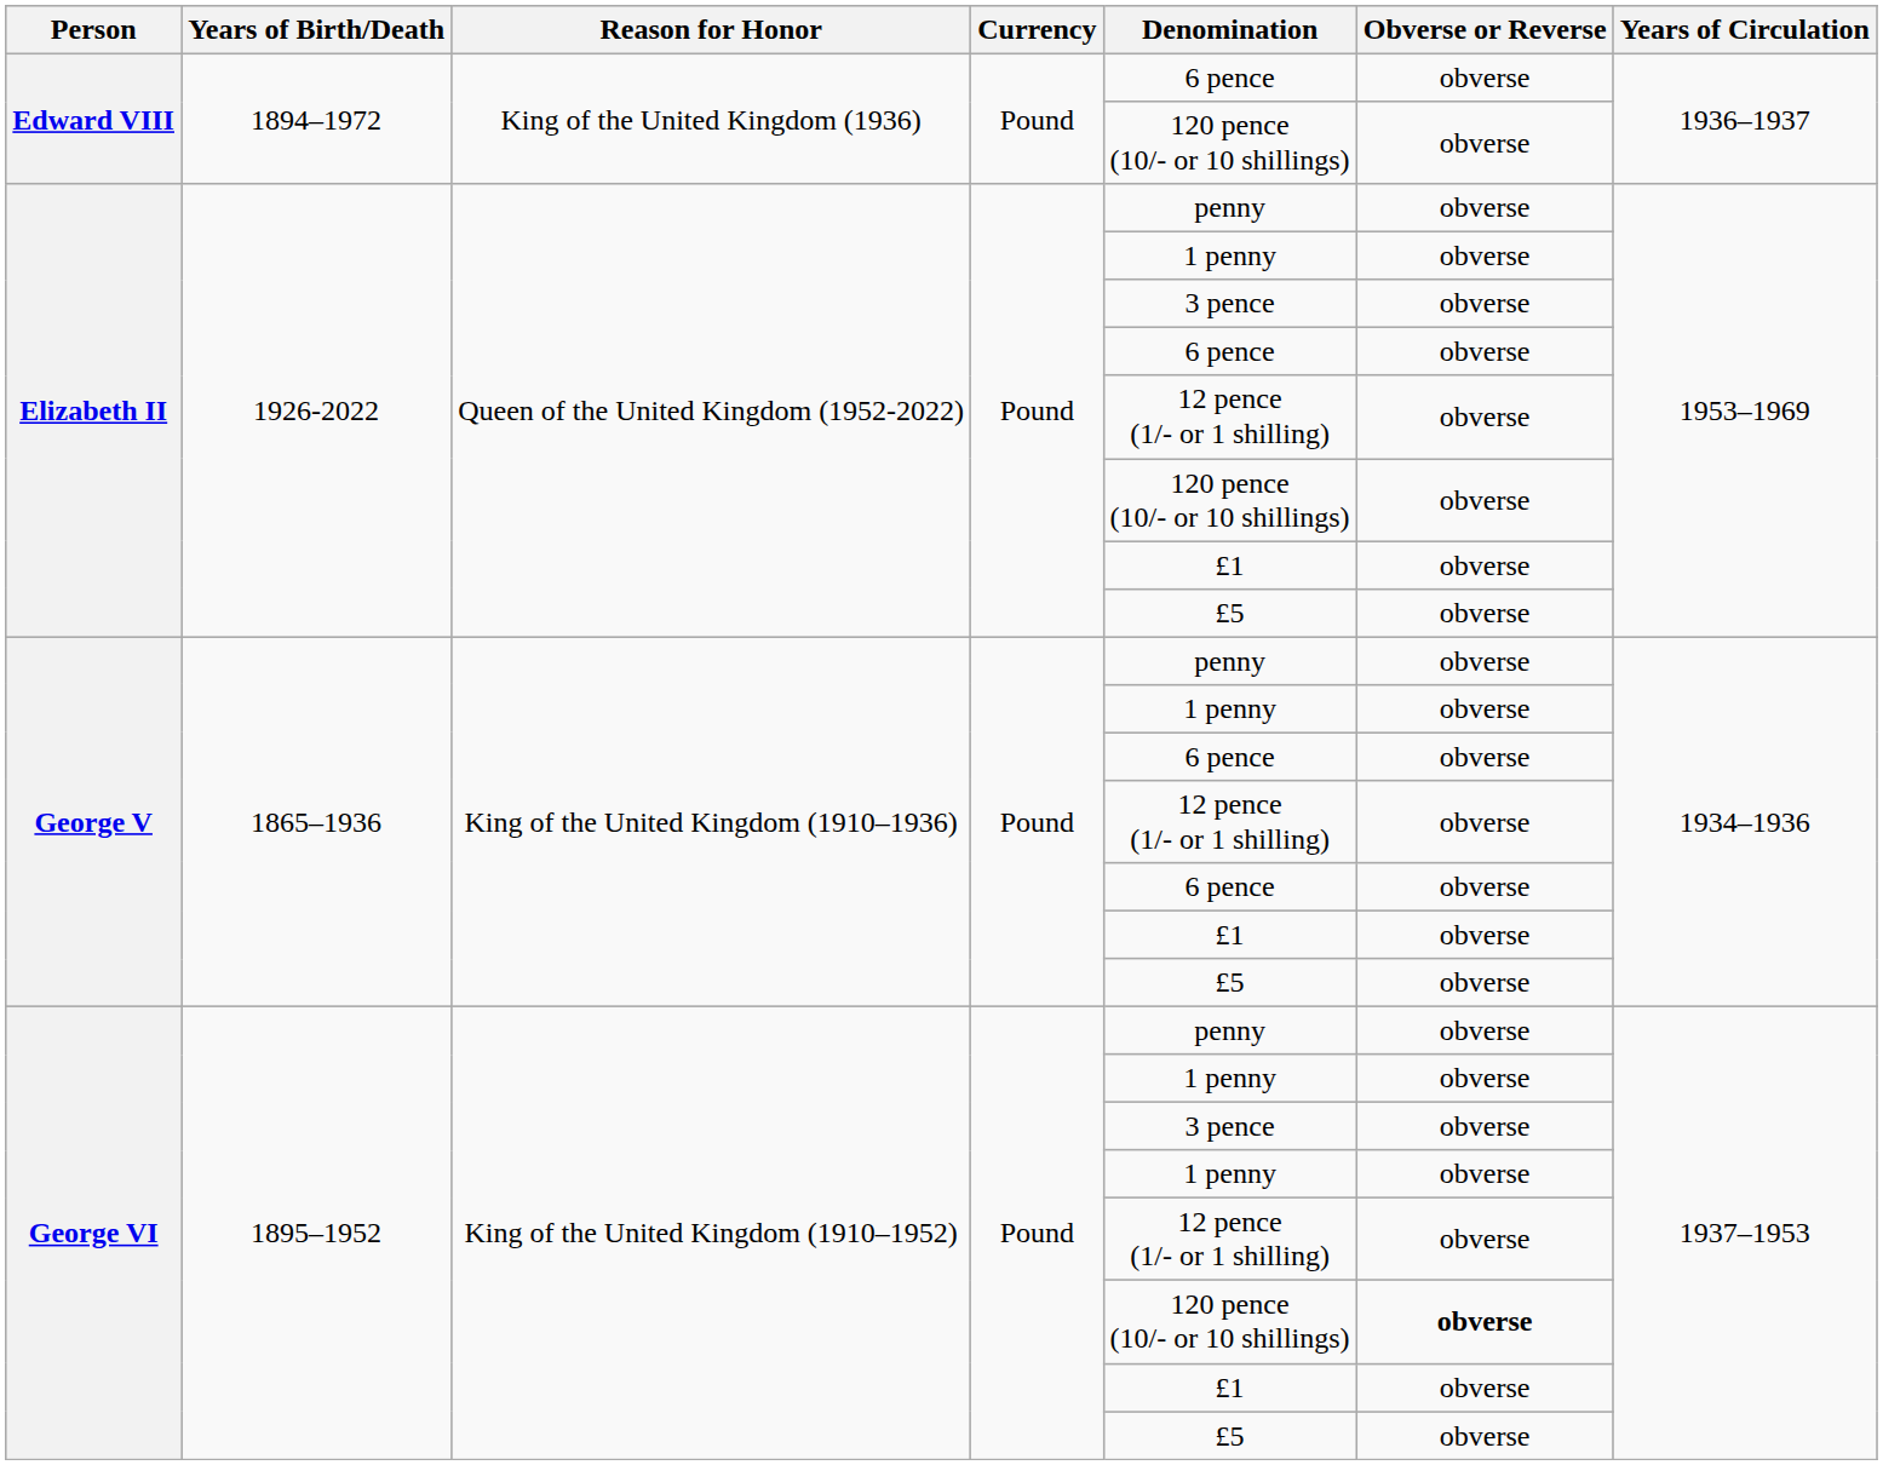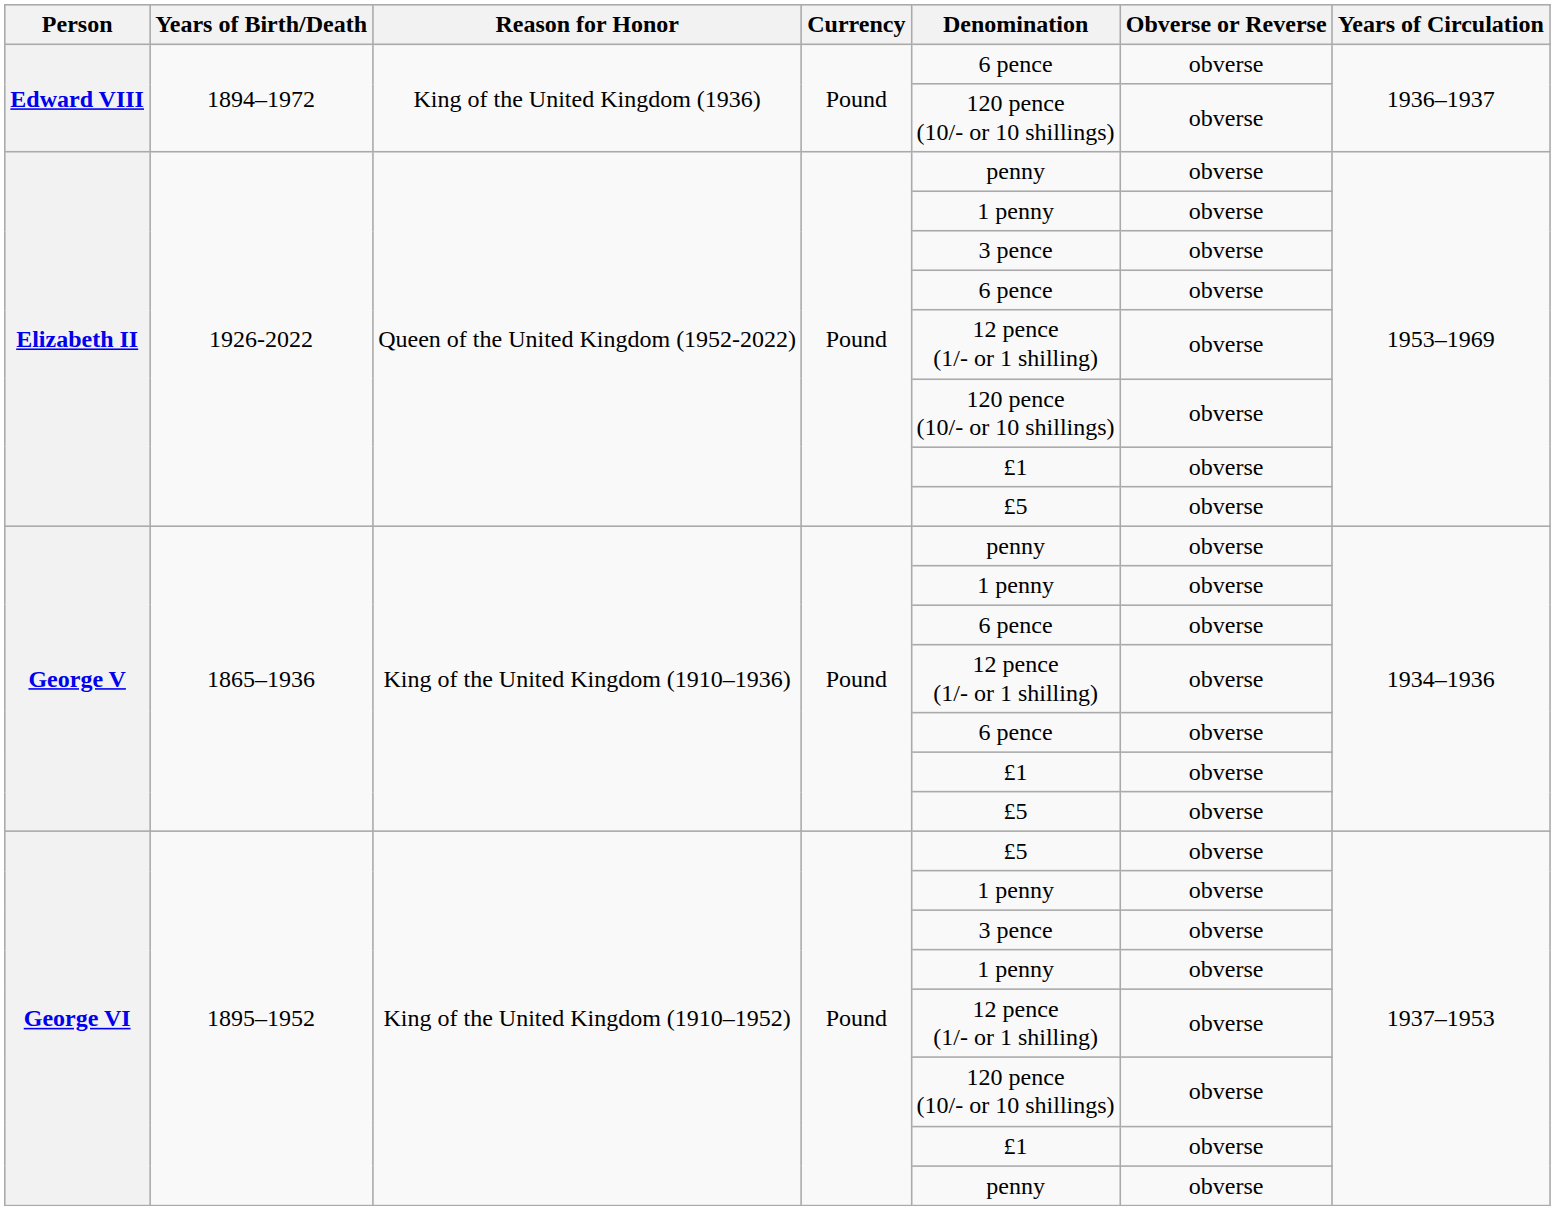 <table class="wikitable" style="font-size:95%; text-align:center;">
 <tr>
 <th>Person</th>
 <th>Years of Birth/Death</th>
 <th>Reason for Honor</th>
 <th>Currency</th>
 <th>Denomination</th>
 <th>Obverse or Reverse</th>
 <th>Years of Circulation</th>
 </tr>
 <tr>
 <th rowspan="2"><a href='#'>Edward VIII</a></th>
 <td rowspan="2">1894–1972</td>
 <td rowspan="2">King of the United Kingdom (1936)</td>
 <td rowspan="2">Pound</td>
 <td>6 pence</td>
 <td>obverse</td>
 <td rowspan="2">1936–1937</td>
 </tr>
 <tr>
 <td>120 pence<br>(10/- or 10 shillings)</td>
 <td>obverse</td>
 </tr>
 <tr>
 <th rowspan="8"><a href='#'>Elizabeth II</a></th>
 <td rowspan="8">1926-2022</td>
 <td rowspan="8">Queen of the United Kingdom (1952-2022)</td>
 <td rowspan="8">Pound</td>
 <td><small></small> penny</td>
 <td>obverse</td>
 <td rowspan="8">1953–1969</td>
 </tr>
 <tr>
 <td>1 penny</td>
 <td>obverse</td>
 </tr>
 <tr>
 <td>3 pence</td>
 <td>obverse</td>
 </tr>
 <tr>
 <td>6 pence</td>
 <td>obverse</td>
 </tr>
 <tr>
 <td>12 pence<br>(1/- or 1 shilling)</td>
 <td>obverse</td>
 </tr>
 <tr>
 <td>120 pence<br>(10/- or 10 shillings)</td>
 <td>obverse</td>
 </tr>
 <tr>
 <td>£1</td>
 <td>obverse</td>
 </tr>
 <tr>
 <td>£5</td>
 <td>obverse</td>
 </tr>
 <tr>
 <th rowspan="7"><a href='#'>George V</a></th>
 <td rowspan="7">1865–1936</td>
 <td rowspan="7">King of the United Kingdom (1910–1936)</td>
 <td rowspan="7">Pound</td>
 <td><small></small> penny</td>
 <td>obverse</td>
 <td rowspan="7">1934–1936</td>
 </tr>
 <tr>
 <td>1 penny</td>
 <td>obverse</td>
 </tr>
 <tr>
 <td>6 pence</td>
 <td>obverse</td>
 </tr>
 <tr>
 <td>12 pence<br>(1/- or 1 shilling)</td>
 <td>obverse</td>
 </tr>
 <tr>
 <td>6 pence</td>
 <td>obverse</td>
 </tr>
 <tr>
 <td>£1</td>
 <td>obverse</td>
 </tr>
 <tr>
 <td>£5</td>
 <td>obverse</td>
 </tr>
 <tr>
 <th rowspan="8"><a href='#'>George VI</a></th>
 <td rowspan="8">1895–1952</td>
 <td rowspan="8">King of the United Kingdom (1910–1952)</td>
 <td rowspan="8">Pound</td>
-<td><small></small> penny</td>
+<td>£5</td>
 <td>obverse</td>
 <td rowspan="8">1937–1953</td>
 </tr>
 <tr>
 <td>1 penny</td>
 <td>obverse</td>
 </tr>
 <tr>
 <td>3 pence</td>
 <td>obverse</td>
 </tr>
 <tr>
 <td>1 penny</td>
 <td>obverse</td>
 </tr>
 <tr>
 <td>12 pence<br>(1/- or 1 shilling)</td>
 <td>obverse</td>
 </tr>
 <tr>
 <td>120 pence<br>(10/- or 10 shillings)</td>
-<td><strong>obverse</strong></td>
+<td>obverse</td>
 </tr>
 <tr>
 <td>£1</td>
 <td>obverse</td>
 </tr>
 <tr>
-<td>£5</td>
+<td><small></small> penny</td>
 <td>obverse</td>
 </tr>
 </table>
